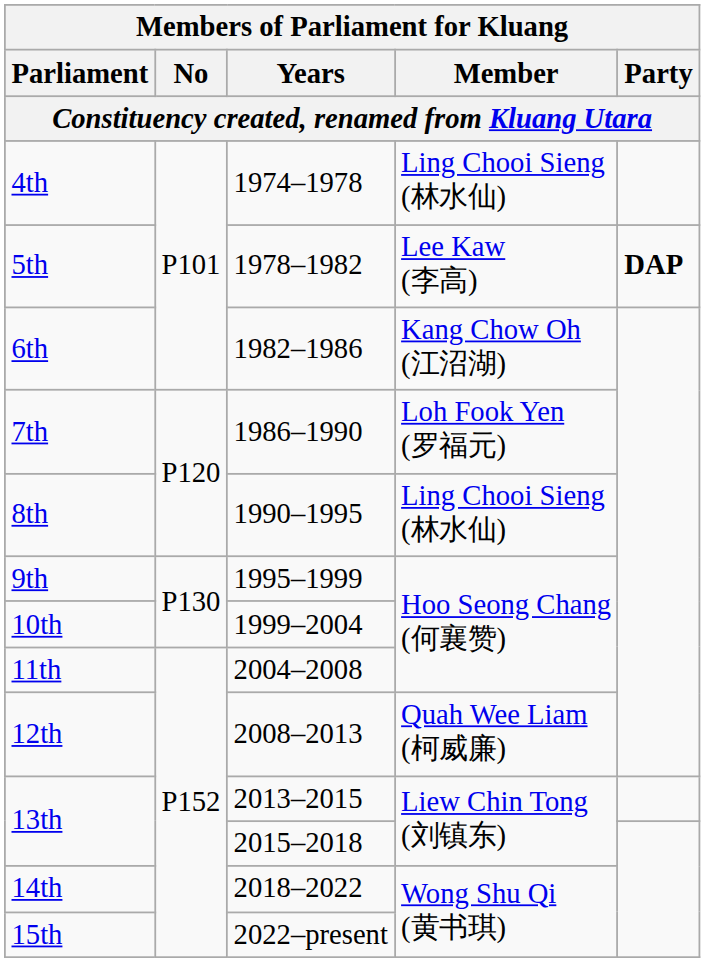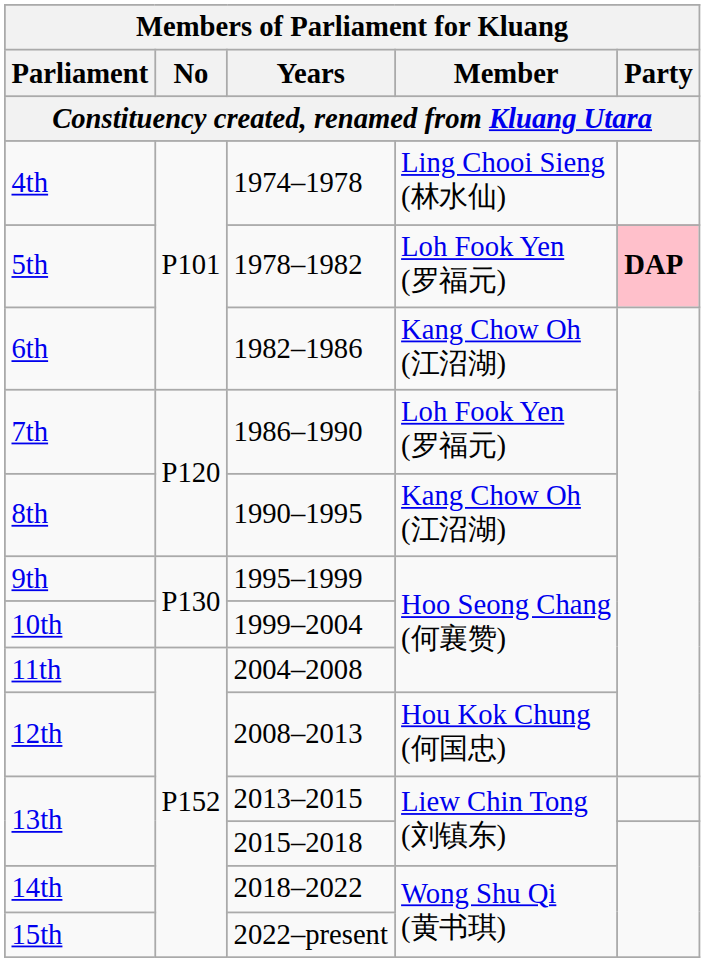 <table class=wikitable>
 <tr>
 <th colspan="5">Members of Parliament for Kluang</th>
 </tr>
 <tr>
 <th>Parliament</th>
 <th>No</th>
 <th>Years</th>
 <th>Member</th>
 <th>Party</th>
 </tr>
 <tr>
 <th colspan="5" align="center"><em>Constituency created, renamed from <a href='#'>Kluang Utara</a></em></th>
 </tr>
 <tr>
 <td><a href='#'>4th</a></td>
 <td rowspan="3">P101</td>
 <td>1974–1978</td>
 <td><a href='#'>Ling Chooi Sieng</a> <br> (林水仙)</td>
 <td></td>
 </tr>
 <tr>
 <td><a href='#'>5th</a></td>
 <td>1978–1982</td>
-<td><a href='#'>Lee Kaw</a> <br> (李高)</td>
-<td><strong>DAP</strong></td>
+<td><a href='#'>Loh Fook Yen</a> <br> (罗福元)</td>
+<td style="background: pink;"><strong>DAP</strong></td>
 </tr>
 <tr>
 <td><a href='#'>6th</a></td>
 <td>1982–1986</td>
 <td><a href='#'>Kang Chow Oh</a>  <br>(江沼湖)</td>
 <td rowspan="7"></td>
 </tr>
 <tr>
 <td><a href='#'>7th</a></td>
 <td rowspan="2">P120</td>
 <td>1986–1990</td>
 <td><a href='#'>Loh Fook Yen</a> <br> (罗福元)</td>
 </tr>
 <tr>
 <td><a href='#'>8th</a></td>
 <td>1990–1995</td>
-<td><a href='#'>Ling Chooi Sieng</a> <br> (林水仙)</td>
+<td><a href='#'>Kang Chow Oh</a>  <br>(江沼湖)</td>
 </tr>
 <tr>
 <td><a href='#'>9th</a></td>
 <td rowspan="2">P130</td>
 <td>1995–1999</td>
 <td rowspan=3><a href='#'>Hoo Seong Chang</a> <br> (何襄赞)</td>
 </tr>
 <tr>
 <td><a href='#'>10th</a></td>
 <td>1999–2004</td>
 </tr>
 <tr>
 <td><a href='#'>11th</a></td>
 <td rowspan=6>P152</td>
 <td>2004–2008</td>
 </tr>
 <tr>
 <td><a href='#'>12th</a></td>
 <td>2008–2013</td>
-<td><a href='#'>Quah Wee Liam</a> <br> (柯威廉)</td>
+<td><a href='#'>Hou Kok Chung</a> <br> (何国忠)</td>
 </tr>
 <tr>
 <td rowspan=2><a href='#'>13th</a></td>
 <td>2013–2015</td>
 <td rowspan=2><a href='#'>Liew Chin Tong</a>  <br>(刘镇东)</td>
 <td></td>
 </tr>
 <tr>
 <td>2015–2018</td>
 <td rowspan=3></td>
 </tr>
 <tr>
 <td><a href='#'>14th</a></td>
 <td>2018–2022</td>
 <td rowspan="2"><a href='#'>Wong Shu Qi</a>  <br>(黄书琪)</td>
 </tr>
 <tr>
 <td><a href='#'>15th</a></td>
 <td>2022–present</td>
 </tr>
 </table>
